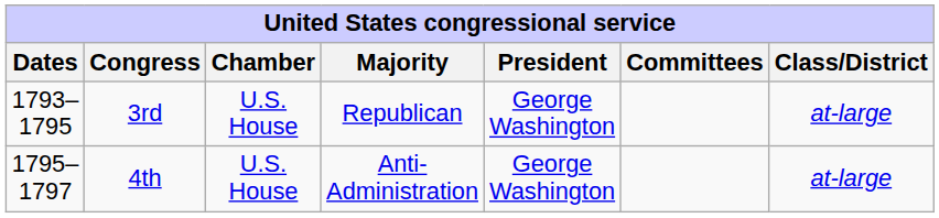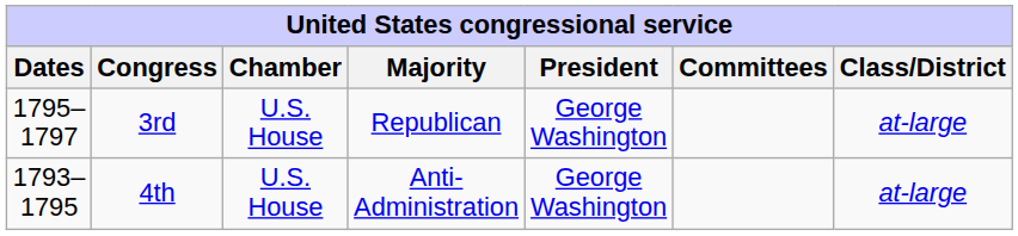 <table class="wikitable" style="width:94%; text-align:center; margin:auto;">
 <tr style="background:#ccc;">
 <th colspan="8" style="background:#ccf;">United States congressional service</th>
 </tr>
 <tr>
 <th><strong>Dates</strong></th>
 <th><strong>Congress</strong></th>
 <th><strong>Chamber</strong></th>
 <th><strong>Majority</strong></th>
 <th><strong>President</strong></th>
 <th><strong>Committees</strong></th>
 <th><strong>Class/District</strong></th>
 </tr>
 <tr>
-<td>1793–1795</td>
+<td>1795–1797</td>
 <td><a href='#'>3rd</a></td>
 <td><a href='#'>U.S. House</a></td>
 <td><a href='#'>Republican</a></td>
 <td><a href='#'>George Washington</a></td>
 <td></td>
 <td><a href='#'><em>at-large</em></a></td>
 </tr>
 <tr>
-<td>1795–1797</td>
+<td>1793–1795</td>
 <td><a href='#'>4th</a></td>
 <td><a href='#'>U.S. House</a></td>
 <td><a href='#'>Anti-Administration</a></td>
 <td><a href='#'>George Washington</a></td>
 <td></td>
 <td><a href='#'><em>at-large</em></a></td>
 </tr>
 </table>
